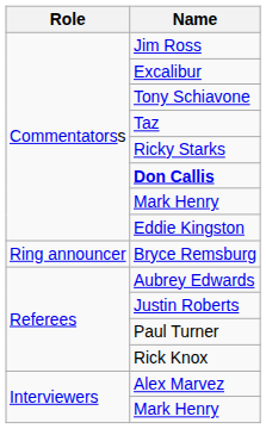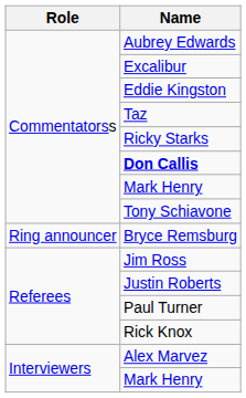 <table class=wikitable style="font-size:90%; margin: 0.5em 0 0.5em 1em; float: right; clear: right;">
 <tr>
 <th>Role</th>
 <th>Name</th>
 </tr>
 <tr>
 <td rowspan=8><a href='#'>Commentators</a>s</td>
-<td><a href='#'>Jim Ross</a> </td>
+<td><a href='#'>Aubrey Edwards</a></td>
 </tr>
 <tr>
 <td><a href='#'>Excalibur</a> </td>
 </tr>
 <tr>
-<td><a href='#'>Tony Schiavone</a> </td>
+<td><a href='#'>Eddie Kingston</a> </td>
 </tr>
 <tr>
 <td><a href='#'>Taz</a> </td>
 </tr>
 <tr>
 <td><a href='#'>Ricky Starks</a> </td>
 </tr>
 <tr>
 <td><strong><a href='#'>Don Callis</a> </strong></td>
 </tr>
 <tr>
 <td><a href='#'>Mark Henry</a> </td>
 </tr>
 <tr>
-<td><a href='#'>Eddie Kingston</a> </td>
+<td><a href='#'>Tony Schiavone</a> </td>
 </tr>
 <tr>
 <td><a href='#'>Ring announcer</a></td>
 <td><a href='#'>Bryce Remsburg</a></td>
 </tr>
 <tr>
 <td rowspan=4><a href='#'>Referees</a></td>
-<td><a href='#'>Aubrey Edwards</a></td>
+<td><a href='#'>Jim Ross</a> </td>
 </tr>
 <tr>
 <td><a href='#'>Justin Roberts</a></td>
 </tr>
 <tr>
 <td>Paul Turner</td>
 </tr>
 <tr>
 <td>Rick Knox</td>
 </tr>
 <tr>
 <td rowspan=2><a href='#'>Interviewers</a></td>
 <td><a href='#'>Alex Marvez</a></td>
 </tr>
 <tr>
 <td><a href='#'>Mark Henry</a></td>
 </tr>
 </table>
